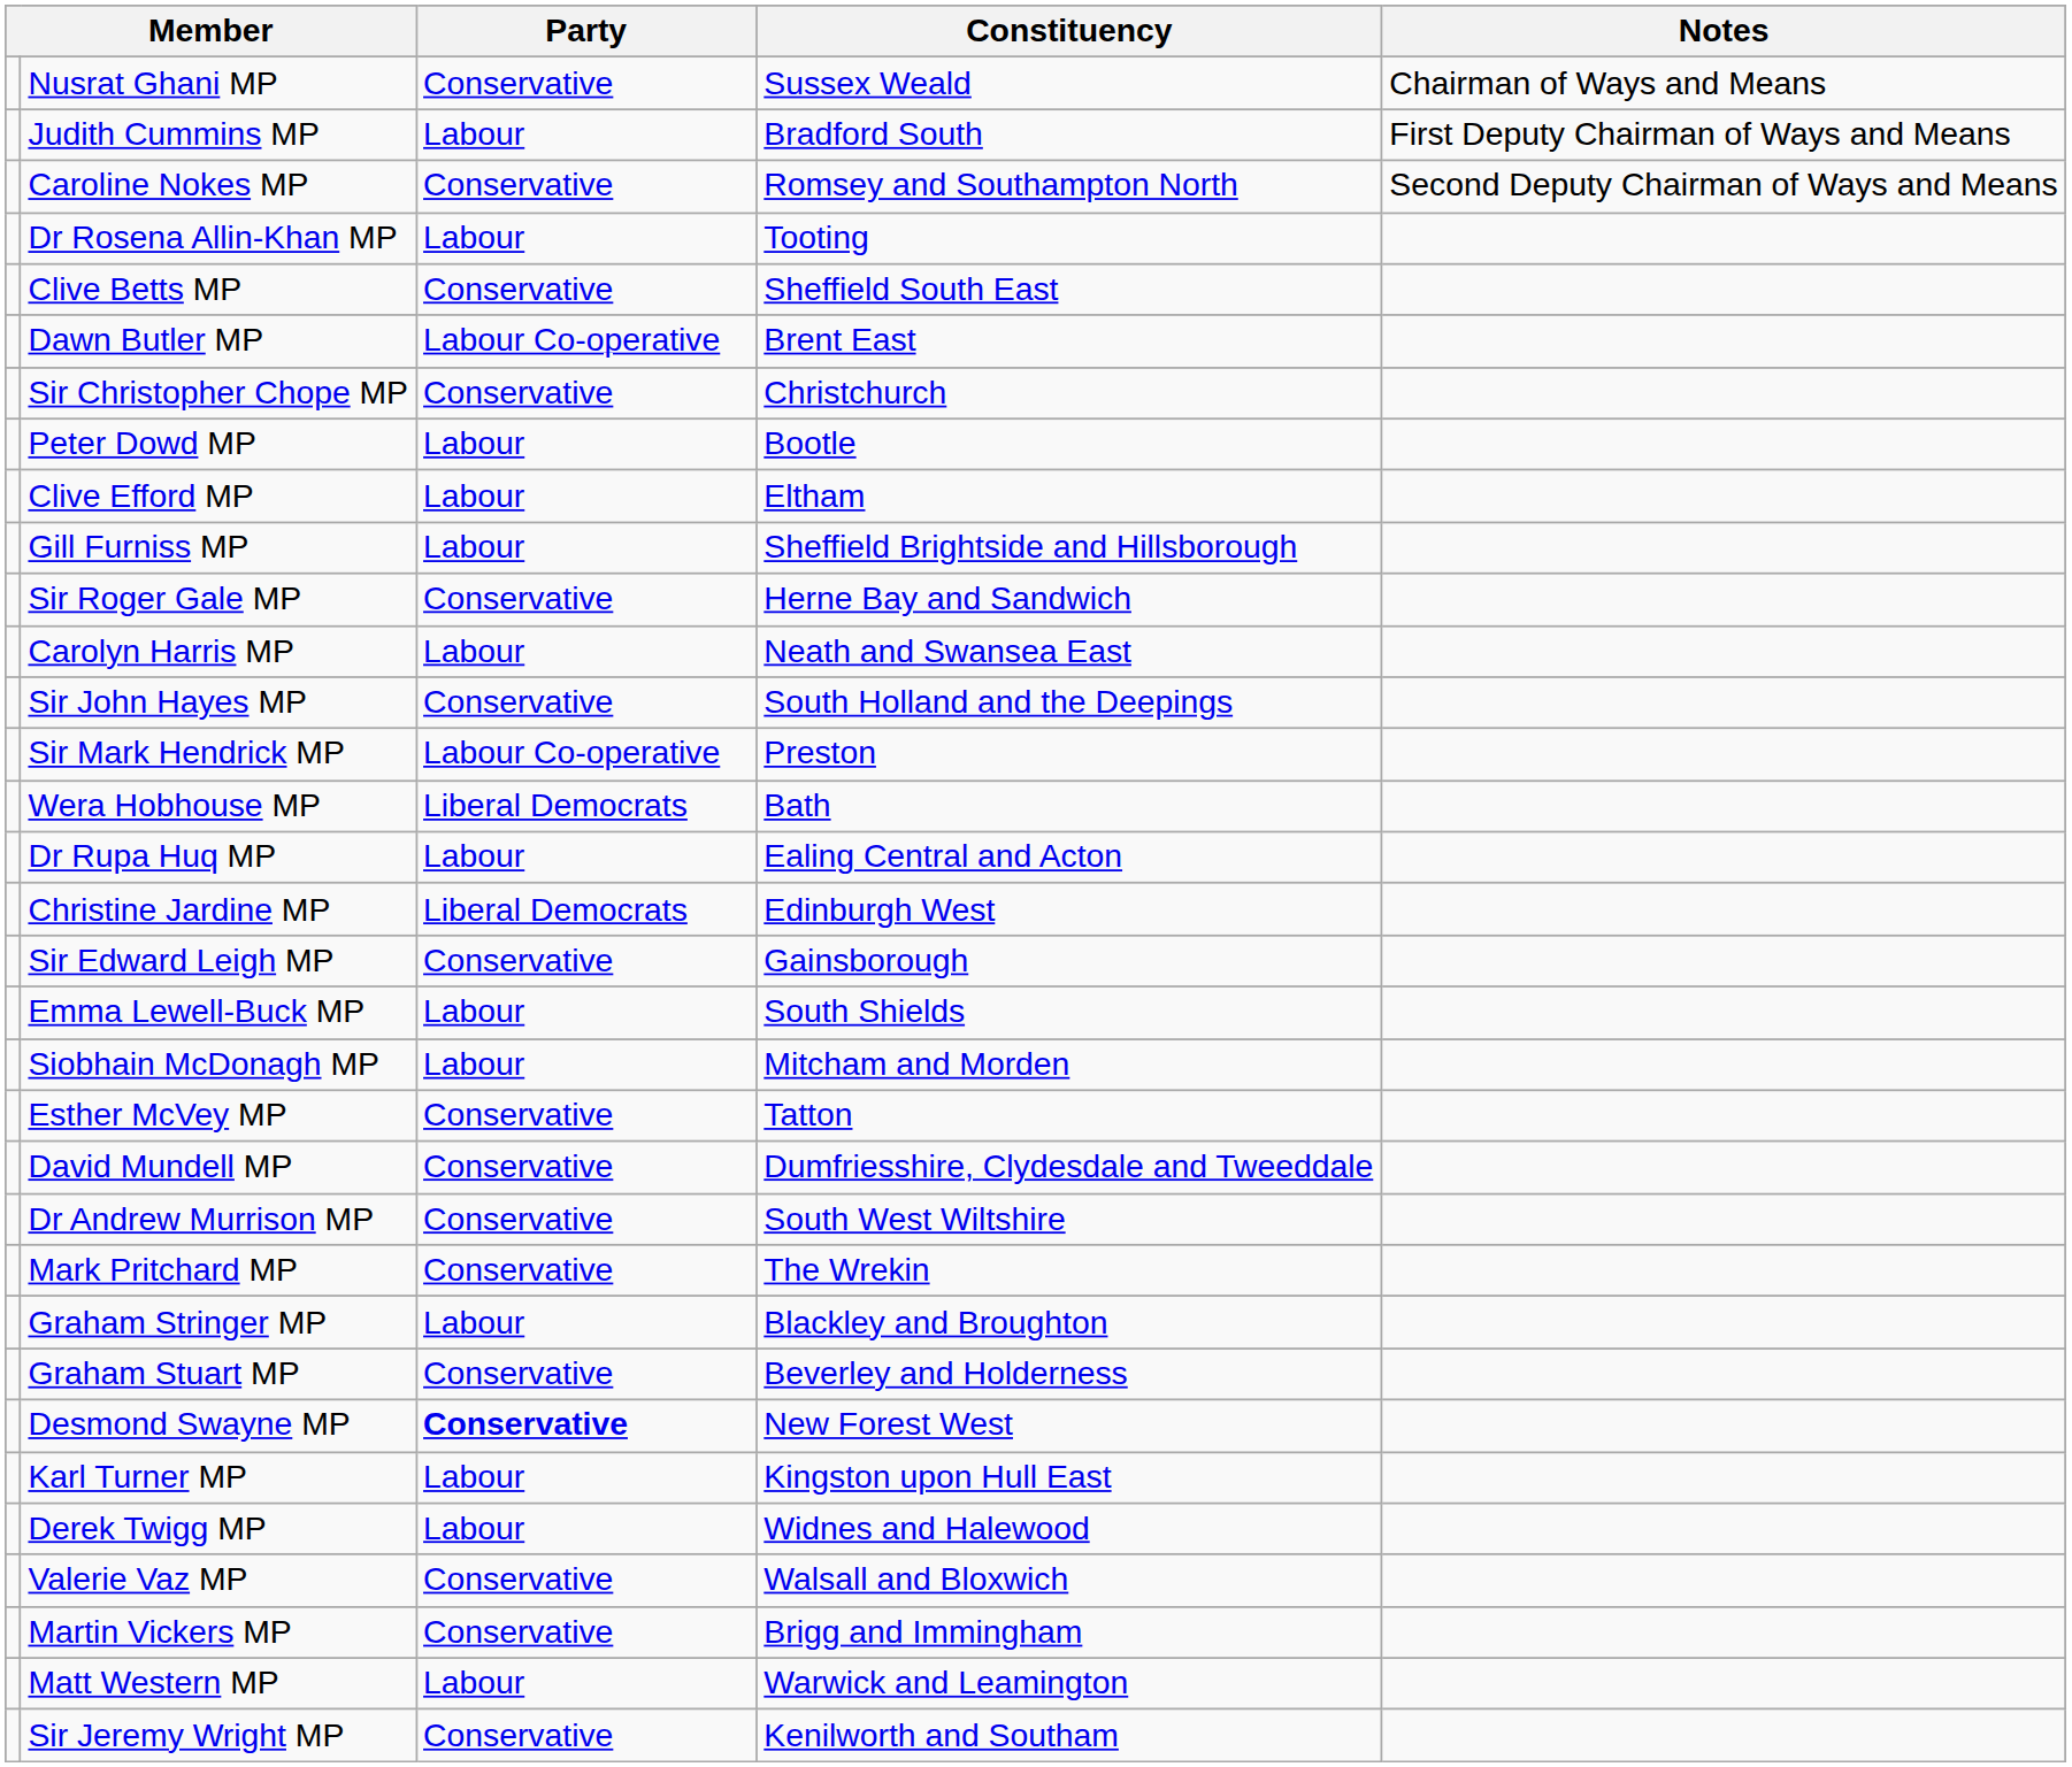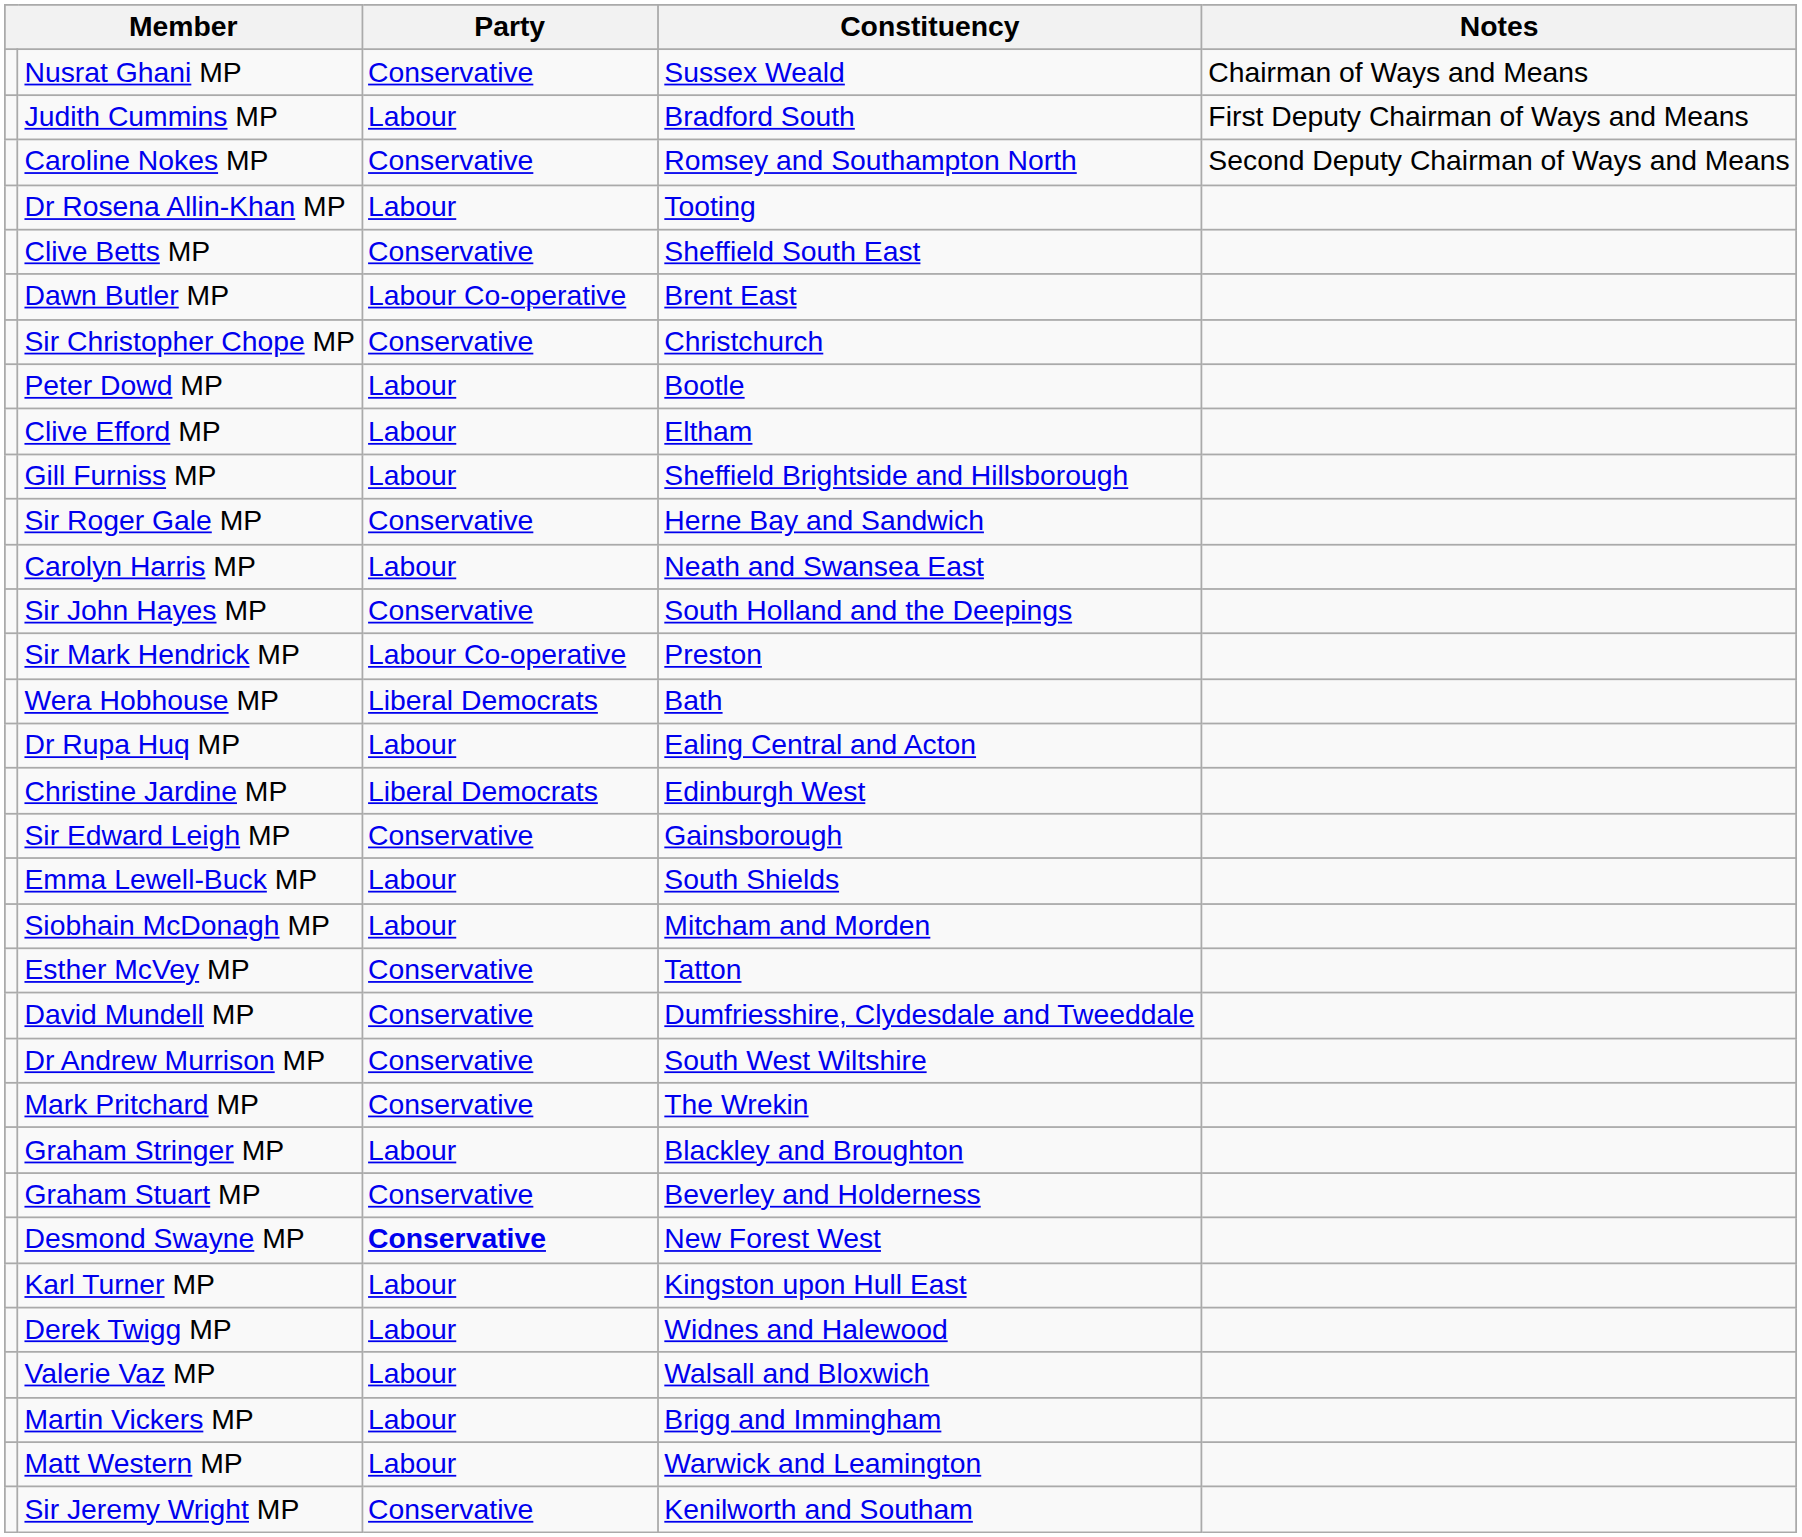 <table class="wikitable">
 <tr>
 <th colspan="2" width="160px">Member</th>
 <th width="160px">Party</th>
 <th width="300px">Constituency</th>
 <th>Notes</th>
 </tr>
 <tr>
 <td style="color:inherit;background:"></td>
 <td><a href='#'>Nusrat Ghani</a> MP</td>
 <td><a href='#'>Conservative</a></td>
 <td><a href='#'>Sussex Weald</a></td>
 <td>Chairman of Ways and Means</td>
 </tr>
 <tr>
 <td style="color:inherit;background:"></td>
 <td><a href='#'>Judith Cummins</a> MP</td>
 <td><a href='#'>Labour</a></td>
 <td><a href='#'>Bradford South</a></td>
 <td>First Deputy Chairman of Ways and Means</td>
 </tr>
 <tr>
 <td style="color:inherit;background:"></td>
 <td><a href='#'>Caroline Nokes</a> MP</td>
 <td><a href='#'>Conservative</a></td>
 <td><a href='#'>Romsey and Southampton North</a></td>
 <td>Second Deputy Chairman of Ways and Means</td>
 </tr>
 <tr>
 <td style="color:inherit;background:"></td>
 <td><a href='#'>Dr Rosena Allin-Khan</a> MP</td>
 <td><a href='#'>Labour</a></td>
 <td><a href='#'>Tooting</a></td>
 <td></td>
 </tr>
 <tr>
 <td style="color:inherit;background:"></td>
 <td><a href='#'>Clive Betts</a> MP</td>
 <td><a href='#'>Conservative</a></td>
 <td><a href='#'>Sheffield South East</a></td>
 <td></td>
 </tr>
 <tr>
 <td style="color:inherit;background:"></td>
 <td><a href='#'>Dawn Butler</a> MP</td>
 <td><a href='#'>Labour Co-operative</a></td>
 <td><a href='#'>Brent East</a></td>
 <td></td>
 </tr>
 <tr>
 <td style="color:inherit;background:"></td>
 <td><a href='#'>Sir Christopher Chope</a> MP</td>
 <td><a href='#'>Conservative</a></td>
 <td><a href='#'>Christchurch</a></td>
 <td></td>
 </tr>
 <tr>
 <td style="color:inherit;background:"></td>
 <td><a href='#'>Peter Dowd</a> MP</td>
 <td><a href='#'>Labour</a></td>
 <td><a href='#'>Bootle</a></td>
 <td></td>
 </tr>
 <tr>
 <td style="color:inherit;background:"></td>
 <td><a href='#'>Clive Efford</a> MP</td>
 <td><a href='#'>Labour</a></td>
 <td><a href='#'>Eltham</a></td>
 <td></td>
 </tr>
 <tr>
 <td style="color:inherit;background:"></td>
 <td><a href='#'>Gill Furniss</a> MP</td>
 <td><a href='#'>Labour</a></td>
 <td><a href='#'>Sheffield Brightside and Hillsborough</a></td>
 <td></td>
 </tr>
 <tr>
 <td style="color:inherit;background:"></td>
 <td><a href='#'>Sir Roger Gale</a> MP</td>
 <td><a href='#'>Conservative</a></td>
 <td><a href='#'>Herne Bay and Sandwich</a></td>
 <td></td>
 </tr>
 <tr>
 <td style="color:inherit;background:"></td>
 <td><a href='#'>Carolyn Harris</a> MP</td>
 <td><a href='#'>Labour</a></td>
 <td><a href='#'>Neath and Swansea East</a></td>
 <td></td>
 </tr>
 <tr>
 <td style="color:inherit;background:"></td>
 <td><a href='#'>Sir John Hayes</a> MP</td>
 <td><a href='#'>Conservative</a></td>
 <td><a href='#'>South Holland and the Deepings</a></td>
 <td></td>
 </tr>
 <tr>
 <td style="color:inherit;background:"></td>
 <td><a href='#'>Sir Mark Hendrick</a> MP</td>
 <td><a href='#'>Labour Co-operative</a></td>
 <td><a href='#'>Preston</a></td>
 <td></td>
 </tr>
 <tr>
 <td style="color:inherit;background:"></td>
 <td><a href='#'>Wera Hobhouse</a> MP</td>
 <td><a href='#'>Liberal Democrats</a></td>
 <td><a href='#'>Bath</a></td>
 <td></td>
 </tr>
 <tr>
 <td style="color:inherit;background:"></td>
 <td><a href='#'>Dr Rupa Huq</a> MP</td>
 <td><a href='#'>Labour</a></td>
 <td><a href='#'>Ealing Central and Acton</a></td>
 <td></td>
 </tr>
 <tr>
 <td style="color:inherit;background:"></td>
 <td><a href='#'>Christine Jardine</a> MP</td>
 <td><a href='#'>Liberal Democrats</a></td>
 <td><a href='#'>Edinburgh West</a></td>
 <td></td>
 </tr>
 <tr>
 <td style="color:inherit;background:"></td>
 <td><a href='#'>Sir Edward Leigh</a> MP</td>
 <td><a href='#'>Conservative</a></td>
 <td><a href='#'>Gainsborough</a></td>
 <td></td>
 </tr>
 <tr>
 <td style="color:inherit;background:"></td>
 <td><a href='#'>Emma Lewell-Buck</a> MP</td>
 <td><a href='#'>Labour</a></td>
 <td><a href='#'>South Shields</a></td>
 <td></td>
 </tr>
 <tr>
 <td style="color:inherit;background:"></td>
 <td><a href='#'>Siobhain McDonagh</a> MP</td>
 <td><a href='#'>Labour</a></td>
 <td><a href='#'>Mitcham and Morden</a></td>
 <td></td>
 </tr>
 <tr>
 <td style="color:inherit;background:"></td>
 <td><a href='#'>Esther McVey</a> MP</td>
 <td><a href='#'>Conservative</a></td>
 <td><a href='#'>Tatton</a></td>
 <td></td>
 </tr>
 <tr>
 <td style="color:inherit;background:"></td>
 <td><a href='#'>David Mundell</a> MP</td>
 <td><a href='#'>Conservative</a></td>
 <td><a href='#'>Dumfriesshire, Clydesdale and Tweeddale</a></td>
 <td></td>
 </tr>
 <tr>
 <td style="color:inherit;background:"></td>
 <td><a href='#'>Dr Andrew Murrison</a> MP</td>
 <td><a href='#'>Conservative</a></td>
 <td><a href='#'>South West Wiltshire</a></td>
 <td></td>
 </tr>
 <tr>
 <td style="color:inherit;background:"></td>
 <td><a href='#'>Mark Pritchard</a> MP</td>
 <td><a href='#'>Conservative</a></td>
 <td><a href='#'>The Wrekin</a></td>
 <td></td>
 </tr>
 <tr>
 <td style="color:inherit;background:"></td>
 <td><a href='#'>Graham Stringer</a> MP</td>
 <td><a href='#'>Labour</a></td>
 <td><a href='#'>Blackley and Broughton</a></td>
 <td></td>
 </tr>
 <tr>
 <td style="color:inherit;background:"></td>
 <td><a href='#'>Graham Stuart</a> MP</td>
 <td><a href='#'>Conservative</a></td>
 <td><a href='#'>Beverley and Holderness</a></td>
 <td></td>
 </tr>
 <tr>
 <td style="color:inherit;background:"></td>
 <td><a href='#'>Desmond Swayne</a> MP</td>
 <td><strong><a href='#'>Conservative</a></strong></td>
 <td><a href='#'>New Forest West</a></td>
 <td></td>
 </tr>
 <tr>
 <td style="color:inherit;background:"></td>
 <td><a href='#'>Karl Turner</a> MP</td>
 <td><a href='#'>Labour</a></td>
 <td><a href='#'>Kingston upon Hull East</a></td>
 <td></td>
 </tr>
 <tr>
 <td style="color:inherit;background:"></td>
 <td><a href='#'>Derek Twigg</a> MP</td>
 <td><a href='#'>Labour</a></td>
 <td><a href='#'>Widnes and Halewood</a></td>
 <td></td>
 </tr>
 <tr>
 <td style="color:inherit;background:"></td>
 <td><a href='#'>Valerie Vaz</a> MP</td>
-<td><a href='#'>Conservative</a></td>
+<td><a href='#'>Labour</a></td>
 <td><a href='#'>Walsall and Bloxwich</a></td>
 <td></td>
 </tr>
 <tr>
 <td style="color:inherit;background:"></td>
 <td><a href='#'>Martin Vickers</a> MP</td>
-<td><a href='#'>Conservative</a></td>
+<td><a href='#'>Labour</a></td>
 <td><a href='#'>Brigg and Immingham</a></td>
 <td></td>
 </tr>
 <tr>
 <td style="color:inherit;background:"></td>
 <td><a href='#'>Matt Western</a> MP</td>
 <td><a href='#'>Labour</a></td>
 <td><a href='#'>Warwick and Leamington</a></td>
 <td></td>
 </tr>
 <tr>
 <td style="color:inherit;background:"></td>
 <td><a href='#'>Sir Jeremy Wright</a> MP</td>
 <td><a href='#'>Conservative</a></td>
 <td><a href='#'>Kenilworth and Southam</a></td>
 <td></td>
 </tr>
 </table>
